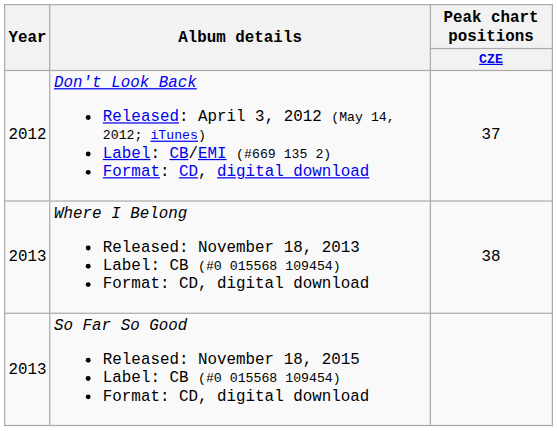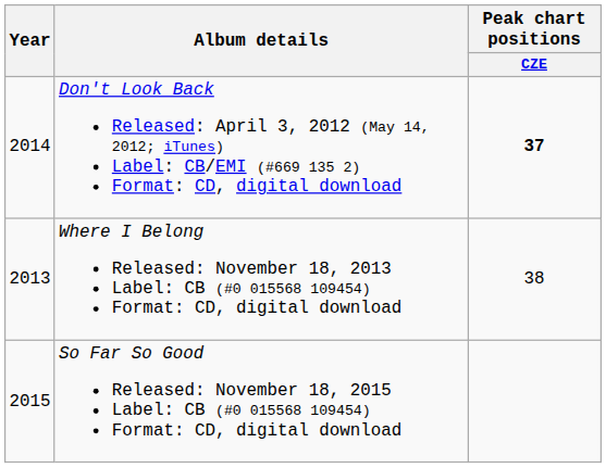 <table class=wikitable style=text-align:center>
 <tr>
 <th rowspan=2 width=5>Year</th>
 <th rowspan=2 width=305>Album details</th>
 <th colspan=1 width=94>Peak chart positions</th>
 </tr>
 <tr style="font-size:smaller;">
 <th width=94><a href='#'>CZE</a><br></th>
 </tr>
 <tr>
-<td>2012</td>
+<td>2014</td>
 <td align=left><em><a href='#'>Don't Look Back</a></em><br><ul><li><a href='#'>Released</a>: April 3, 2012 <small>(May 14, 2012; <a href='#'>iTunes</a>)</small></li><li><a href='#'>Label</a>: <a href='#'>CB</a>/<a href='#'>EMI</a> <small>(#669 135 2)</small></li><li><a href='#'>Format</a>: <a href='#'>CD</a>, <a href='#'>digital download</a></li></ul></td>
-<td>37</td>
+<td><strong>37</strong></td>
 </tr>
 <tr>
 <td>2013</td>
 <td align=left><em>Where I Belong</em><br><ul><li>Released: November 18, 2013</li><li>Label: CB <small>(#0 015568 109454)</small></li><li>Format: CD, digital download</li></ul></td>
 <td>38</td>
 </tr>
 <tr>
-<td>2013</td>
+<td>2015</td>
 <td align="left"><em>So Far So Good</em><br><ul><li>Released: November 18, 2015</li><li>Label: CB <small>(#0 015568 109454)</small></li><li>Format: CD, digital download</li></ul></td>
 <td></td>
 </tr>
 </table>
